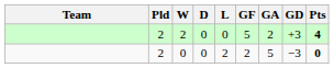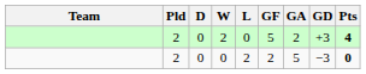 <table class="wikitable" style="text-align:center;">
 <tr>
 <th width=180>Team</th>
 <th width=20>Pld</th>
+<th width=20>D</th>
 <th width=20>W</th>
-<th width=20>D</th>
 <th width=20>L</th>
 <th width=20>GF</th>
 <th width=20>GA</th>
 <th width=20>GD</th>
 <th width=20>Pts</th>
 </tr>
 <tr bgcolor="ccffcc">
 <td align="left"></td>
 <td>2</td>
+<td>0</td>
 <td>2</td>
-<td>0</td>
 <td>0</td>
 <td>5</td>
 <td>2</td>
 <td>+3</td>
 <td><strong>4</strong></td>
 </tr>
 <tr>
 <td align="left"></td>
 <td>2</td>
 <td>0</td>
 <td>0</td>
 <td>2</td>
 <td>2</td>
 <td>5</td>
 <td>−3</td>
 <td><strong>0</strong></td>
 </tr>
 </table>
